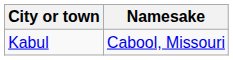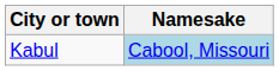 <table class="wikitable">
 <tr>
 <th>City or town</th>
 <th>Namesake</th>
 </tr>
 <tr>
 <td><a href='#'>Kabul</a></td>
-<td><a href='#'>Cabool, Missouri</a></td>
+<td style="background: lightblue;"><a href='#'>Cabool, Missouri</a></td>
 </tr>
 </table>
